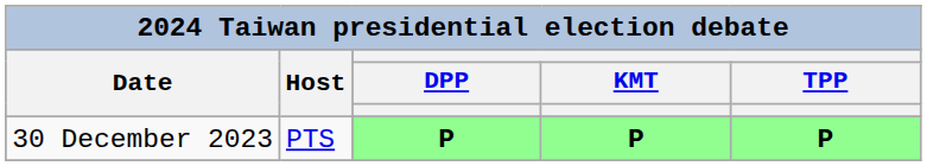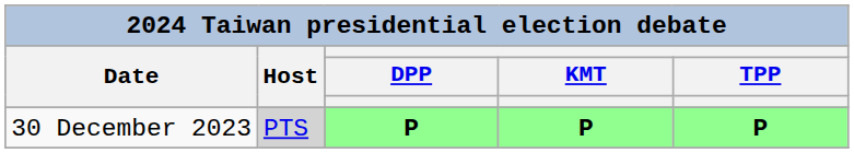 <table class="wikitable" style="text-justify: none">
 <tr>
 <th colspan="11" style="background:#B0C4DE">2024 Taiwan <strong>presidential election debate</strong></th>
 </tr>
 <tr style="font-size:small;">
 <th rowspan="3">Date</th>
 <th rowspan="3">Host</th>
 <th colspan="9" scope="col">     </th>
 </tr>
 <tr style="font-size:small;">
 <th scope="col"><a href='#'>DPP</a><br></th>
 <th scope="col"><a href='#'>KMT</a><br></th>
 <th scope="col"><a href='#'>TPP</a><br></th>
 </tr>
 <tr>
 <th style="width:6.5em; background:"></th>
 <th style="width:6.5em; background:"></th>
 <th style="width:6.5em; background:"></th>
 </tr>
 <tr>
 <td>30 December 2023</td>
-<td><a href='#'>PTS</a></td>
+<td style="background: lightgrey;"><a href='#'>PTS</a></td>
 <td style="background:#90ff90; color:black; text-align:center;"><strong>P</strong></td>
 <td style="background:#90ff90; color:black; text-align:center;"><strong>P</strong></td>
 <td style="background:#90ff90; color:black; text-align:center;"><strong>P</strong></td>
 </tr>
 </table>
